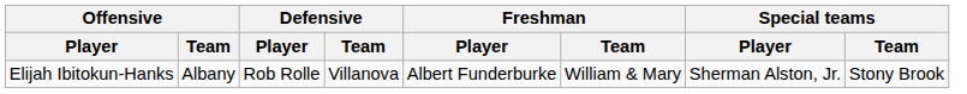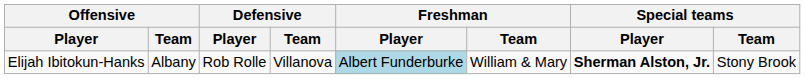 <table class="wikitable" border="1">
 <tr>
 <th colspan="2">Offensive</th>
 <th colspan="2">Defensive</th>
 <th colspan="2">Freshman</th>
 <th colspan="2">Special teams</th>
 </tr>
 <tr>
 <th>Player</th>
 <th>Team</th>
 <th>Player</th>
 <th>Team</th>
 <th>Player</th>
 <th>Team</th>
 <th>Player</th>
 <th>Team</th>
 </tr>
 <tr>
 <td>Elijah Ibitokun-Hanks</td>
 <td>Albany</td>
 <td>Rob Rolle</td>
 <td>Villanova</td>
-<td>Albert Funderburke</td>
+<td style="background: lightblue;">Albert Funderburke</td>
 <td>William & Mary</td>
-<td>Sherman Alston, Jr.</td>
+<td><strong>Sherman Alston, Jr.</strong></td>
 <td>Stony Brook</td>
 </tr>
 </table>
